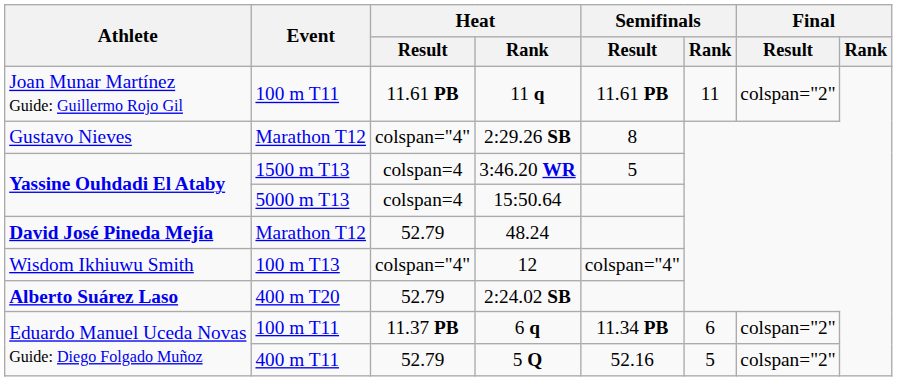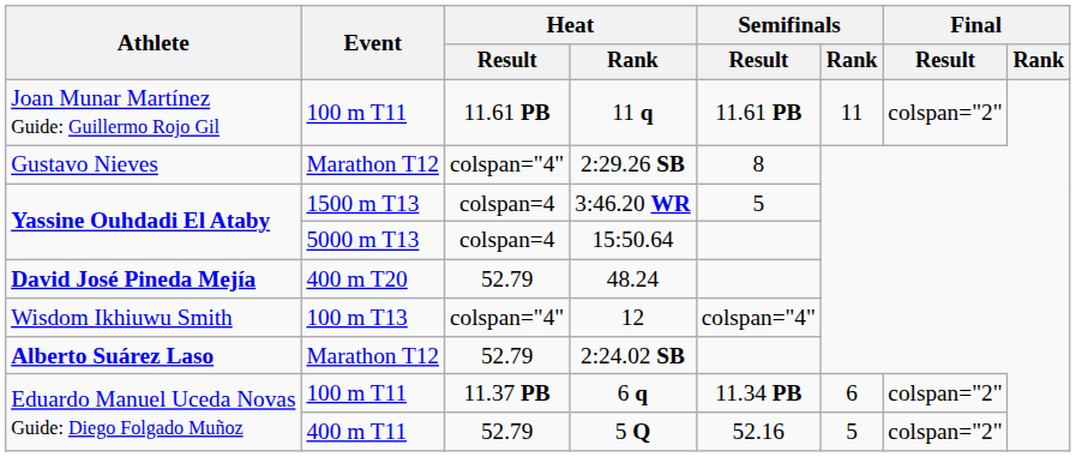 <table class="wikitable" style="font-size:90%">
 <tr>
 <th rowspan="2">Athlete</th>
 <th rowspan="2">Event</th>
 <th colspan="2">Heat</th>
 <th colspan="2">Semifinals</th>
 <th colspan="2">Final</th>
 </tr>
 <tr style="font-size:95%">
 <th>Result</th>
 <th>Rank</th>
 <th>Result</th>
 <th>Rank</th>
 <th>Result</th>
 <th>Rank</th>
 </tr>
 <tr align=center>
 <td align="left"><a href='#'>Joan Munar Martínez</a><br><small>Guide: <a href='#'>Guillermo Rojo Gil</a></small></td>
 <td align=left><a href='#'>100 m T11</a></td>
 <td>11.61 <strong>PB</strong></td>
 <td>11 <strong>q</strong></td>
 <td>11.61 <strong>PB</strong></td>
 <td>11</td>
 <td>colspan="2" </td>
 </tr>
 <tr align=center>
 <td align="left"><a href='#'>Gustavo Nieves</a></td>
 <td align="left"><a href='#'>Marathon T12</a></td>
 <td>colspan="4" </td>
 <td>2:29.26 <strong>SB</strong></td>
 <td>8</td>
 </tr>
 <tr align=center>
 <td align=left rowspan=2><strong><a href='#'>Yassine Ouhdadi El Ataby</a></strong></td>
 <td align=left><a href='#'>1500 m T13</a></td>
 <td>colspan=4 </td>
 <td>3:46.20 <strong><a href='#'>WR</a></strong></td>
 <td>5</td>
 </tr>
 <tr align=center>
 <td align=left><a href='#'>5000 m T13</a></td>
 <td>colspan=4 </td>
 <td>15:50.64</td>
 <td></td>
 </tr>
 <tr align=center>
 <td align=left><strong><a href='#'>David José Pineda Mejía</a></strong></td>
-<td align="left"><a href='#'>Marathon T12</a></td>
+<td align=left><a href='#'>400 m T20</a></td>
 <td>52.79</td>
 <td>48.24</td>
 <td></td>
 </tr>
 <tr align=center>
 <td align="left"><a href='#'>Wisdom Ikhiuwu Smith</a></td>
 <td align="left"><a href='#'>100 m T13</a></td>
 <td>colspan="4" </td>
 <td>12</td>
 <td>colspan="4" </td>
 </tr>
 <tr align=center>
 <td align=left><strong><a href='#'>Alberto Suárez Laso</a></strong></td>
-<td align=left><a href='#'>400 m T20</a></td>
+<td align="left"><a href='#'>Marathon T12</a></td>
 <td>52.79</td>
 <td>2:24.02 <strong>SB</strong></td>
 <td></td>
 </tr>
 <tr align=center>
 <td rowspan="2" align=left><a href='#'>Eduardo Manuel Uceda Novas</a><br><small>Guide: <a href='#'>Diego Folgado Muñoz</a></small></td>
 <td align=left><a href='#'>100 m T11</a></td>
 <td>11.37 <strong>PB</strong></td>
 <td>6 <strong>q</strong></td>
 <td>11.34 <strong>PB</strong></td>
 <td>6</td>
 <td>colspan="2" </td>
 </tr>
 <tr align="center">
 <td align="left"><a href='#'>400 m T11</a></td>
 <td>52.79</td>
 <td>5 <strong>Q</strong></td>
 <td>52.16</td>
 <td>5</td>
 <td>colspan="2" </td>
 </tr>
 </table>
